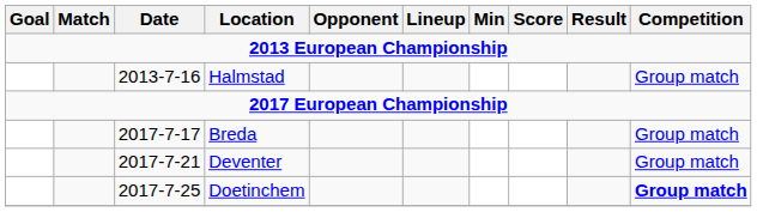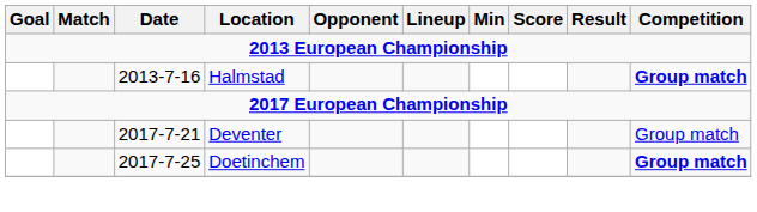 <table class="wikitable collapsible" style="fontsize:90%;">
 <tr>
 <th>Goal</th>
 <th>Match</th>
 <th>Date</th>
 <th>Location</th>
 <th>Opponent</th>
 <th>Lineup</th>
 <th>Min</th>
 <th>Score</th>
 <th>Result</th>
 <th>Competition</th>
 </tr>
 <tr>
 <td colspan=10 align=center><strong><a href='#'>2013 European Championship</a></strong></td>
 </tr>
 <tr>
 <td style="background:white;"></td>
 <td></td>
 <td>2013-7-16</td>
 <td><a href='#'>Halmstad</a></td>
 <td></td>
 <td></td>
 <td style="background:white;"></td>
 <td style="background:white;"></td>
 <td></td>
-<td><a href='#'>Group match</a></td>
+<td><strong><a href='#'>Group match</a></strong></td>
 </tr>
 <tr>
 <td colspan=10 align=center><strong><a href='#'>2017 European Championship</a></strong></td>
-</tr>
-<tr>
-<td style="background:white;"></td>
-<td></td>
-<td>2017-7-17</td>
-<td><a href='#'>Breda</a></td>
-<td></td>
-<td></td>
-<td style="background:white;"></td>
-<td style="background:white;"></td>
-<td></td>
-<td><a href='#'>Group match</a></td>
 </tr>
 <tr>
 <td style="background:white;"></td>
 <td></td>
 <td>2017-7-21</td>
 <td><a href='#'>Deventer</a></td>
 <td></td>
 <td></td>
 <td style="background:white;"></td>
 <td style="background:white;"></td>
 <td></td>
 <td><a href='#'>Group match</a></td>
 </tr>
 <tr>
 <td style="background:white;"></td>
 <td></td>
 <td>2017-7-25</td>
 <td><a href='#'>Doetinchem</a></td>
 <td></td>
 <td></td>
 <td style="background:white;"></td>
 <td style="background:white;"></td>
 <td></td>
 <td><strong><a href='#'>Group match</a></strong></td>
 </tr>
 <tr>
 </tr>
 </table>
